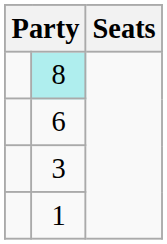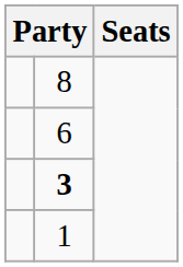 <table class="wikitable" style="font-size: 95%;">
 <tr>
 <th colspan=2>Party</th>
 <th>Seats</th>
 </tr>
 <tr>
 <td></td>
-<td align="center" style="background: paleturquoise;">8</td>
+<td align="center">8</td>
 </tr>
 <tr>
 <td></td>
 <td align="center">6</td>
 </tr>
 <tr>
 <td></td>
-<td align="center">3</td>
+<td align="center"><strong>3</strong></td>
 </tr>
 <tr>
 <td></td>
 <td align="center">1</td>
 </tr>
 </table>
